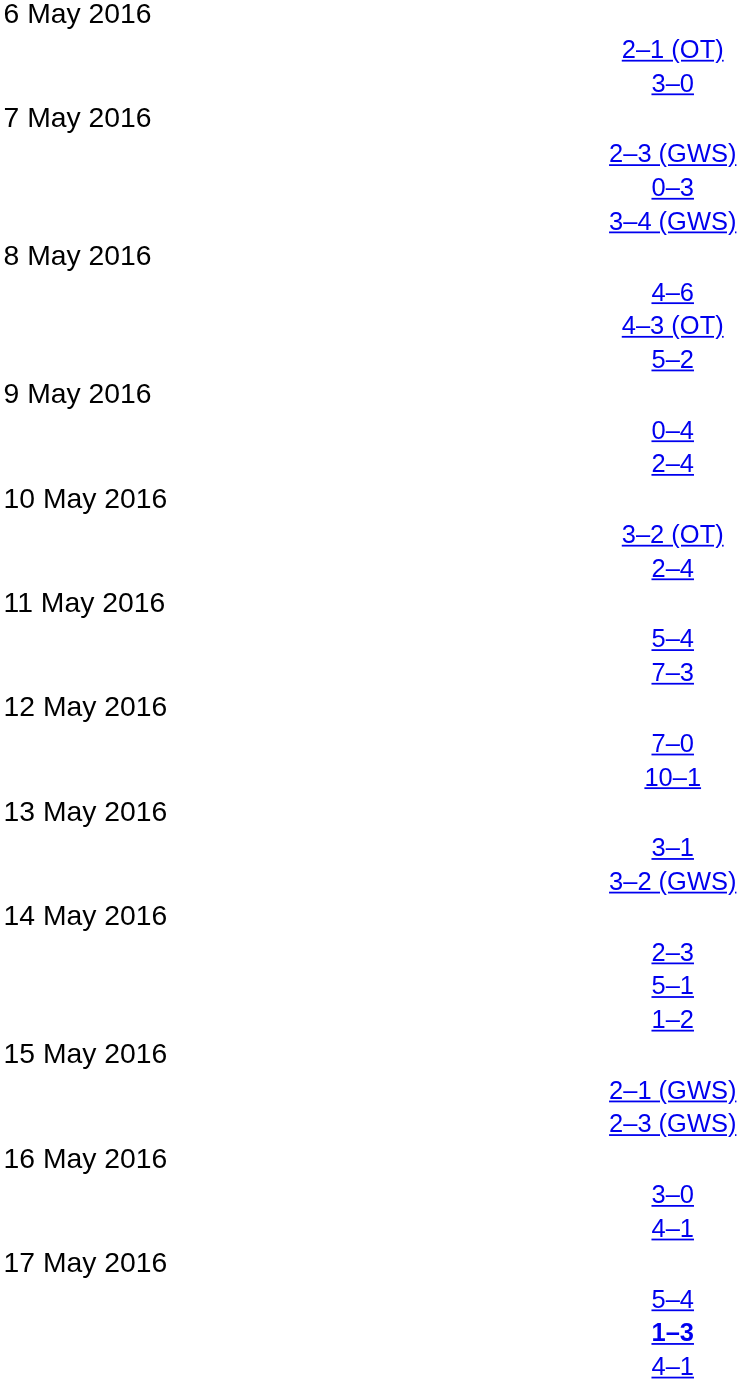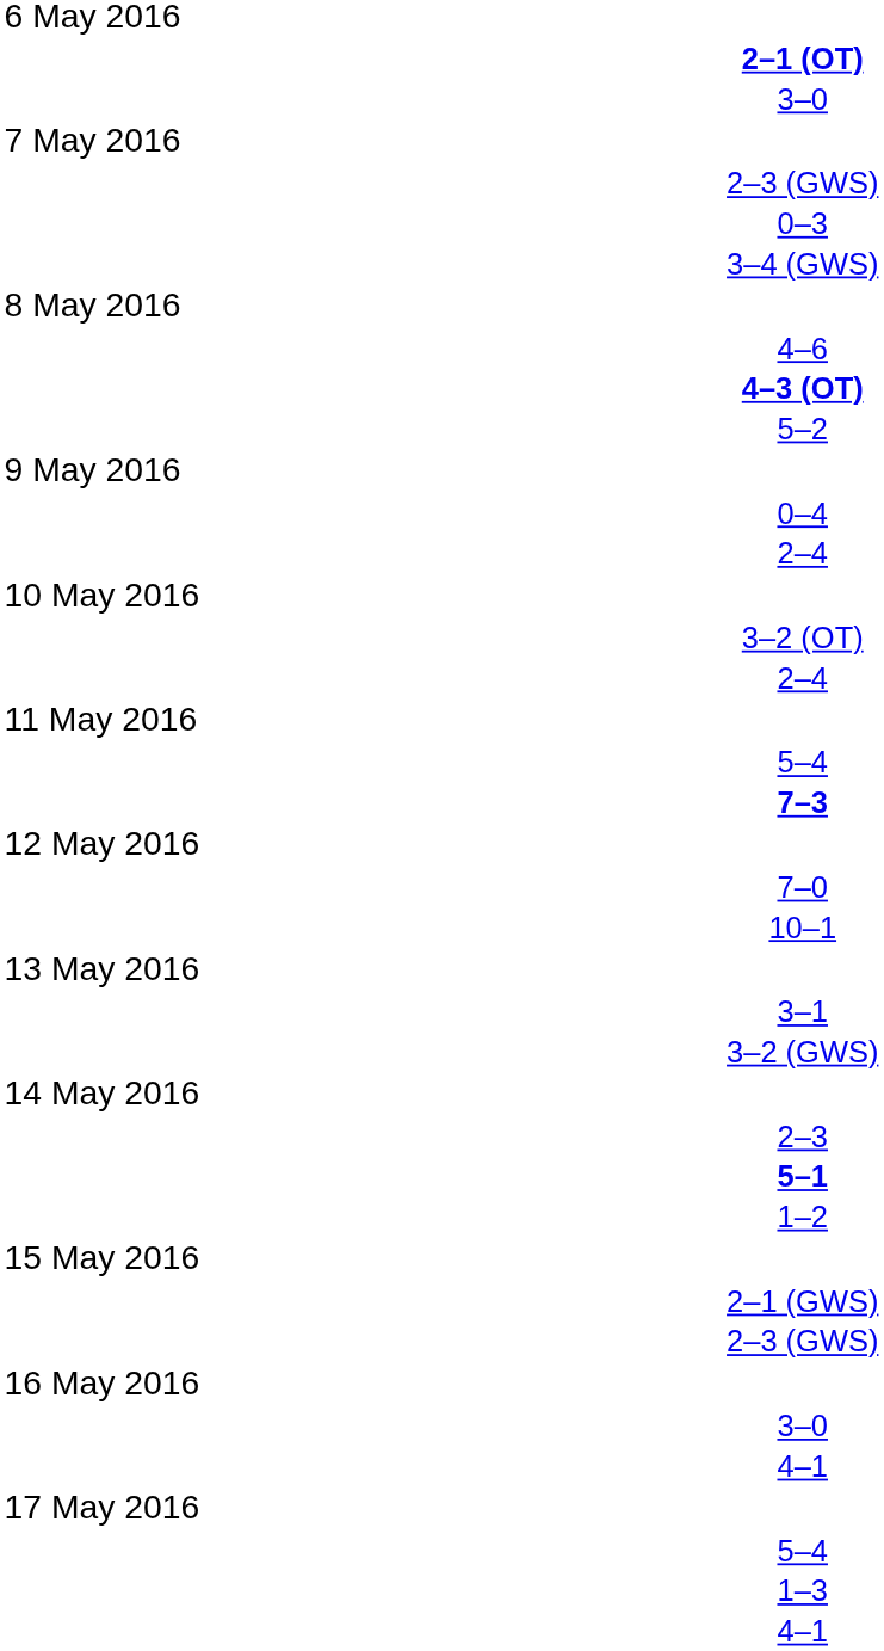 <table style="width:100%;" cellspacing="1">
 <tr>
 <th width=25%></th>
 <th width=2%></th>
 <th width=6%></th>
 <th width=2%></th>
 <th width=25%></th>
 </tr>
 <tr>
 <td>6 May 2016</td>
 </tr>
 <tr style=font-size:90%>
 <td align=right></td>
 <td></td>
-<td align=center><a href='#'>2–1 (OT)</a></td>
+<td align=center><strong><a href='#'>2–1 (OT)</a></strong></td>
 <td></td>
 <td></td>
 <td></td>
 </tr>
 <tr style=font-size:90%>
 <td align=right></td>
 <td></td>
 <td align=center><a href='#'>3–0</a></td>
 <td></td>
 <td></td>
 <td></td>
 </tr>
 <tr>
 <td>7 May 2016</td>
 </tr>
 <tr style=font-size:90%>
 <td align=right></td>
 <td></td>
 <td align=center><a href='#'>2–3 (GWS)</a></td>
 <td></td>
 <td></td>
 <td></td>
 </tr>
 <tr style=font-size:90%>
 <td align=right></td>
 <td></td>
 <td align=center><a href='#'>0–3</a></td>
 <td></td>
 <td></td>
 <td></td>
 </tr>
 <tr style=font-size:90%>
 <td align=right></td>
 <td></td>
 <td align=center><a href='#'>3–4 (GWS)</a></td>
 <td></td>
 <td></td>
 <td></td>
 </tr>
 <tr>
 <td>8 May 2016</td>
 </tr>
 <tr style=font-size:90%>
 <td align=right></td>
 <td></td>
 <td align=center><a href='#'>4–6</a></td>
 <td></td>
 <td></td>
 <td></td>
 </tr>
 <tr style=font-size:90%>
 <td align=right></td>
 <td></td>
-<td align=center><a href='#'>4–3 (OT)</a></td>
+<td align=center><strong><a href='#'>4–3 (OT)</a></strong></td>
 <td></td>
 <td></td>
 <td></td>
 </tr>
 <tr style=font-size:90%>
 <td align=right></td>
 <td></td>
 <td align=center><a href='#'>5–2</a></td>
 <td></td>
 <td></td>
 <td></td>
 </tr>
 <tr>
 <td>9 May 2016</td>
 </tr>
 <tr style=font-size:90%>
 <td align=right></td>
 <td></td>
 <td align=center><a href='#'>0–4</a></td>
 <td></td>
 <td></td>
 <td></td>
 </tr>
 <tr style=font-size:90%>
 <td align=right></td>
 <td></td>
 <td align=center><a href='#'>2–4</a></td>
 <td></td>
 <td></td>
 <td></td>
 </tr>
 <tr>
 <td>10 May 2016</td>
 </tr>
 <tr style=font-size:90%>
 <td align=right></td>
 <td></td>
 <td align=center><a href='#'>3–2 (OT)</a></td>
 <td></td>
 <td></td>
 <td></td>
 </tr>
 <tr style=font-size:90%>
 <td align=right></td>
 <td></td>
 <td align=center><a href='#'>2–4</a></td>
 <td></td>
 <td></td>
 <td></td>
 </tr>
 <tr>
 <td>11 May 2016</td>
 </tr>
 <tr style=font-size:90%>
 <td align=right></td>
 <td></td>
 <td align=center><a href='#'>5–4</a></td>
 <td></td>
 <td></td>
 <td></td>
 </tr>
 <tr style=font-size:90%>
 <td align=right></td>
 <td></td>
-<td align=center><a href='#'>7–3</a></td>
+<td align=center><strong><a href='#'>7–3</a></strong></td>
 <td></td>
 <td></td>
 <td></td>
 </tr>
 <tr>
 <td>12 May 2016</td>
 </tr>
 <tr style=font-size:90%>
 <td align=right></td>
 <td></td>
 <td align=center><a href='#'>7–0</a></td>
 <td></td>
 <td></td>
 <td></td>
 </tr>
 <tr style=font-size:90%>
 <td align=right></td>
 <td></td>
 <td align=center><a href='#'>10–1</a></td>
 <td></td>
 <td></td>
 <td></td>
 </tr>
 <tr>
 <td>13 May 2016</td>
 </tr>
 <tr style=font-size:90%>
 <td align=right></td>
 <td></td>
 <td align=center><a href='#'>3–1</a></td>
 <td></td>
 <td></td>
 <td></td>
 </tr>
 <tr style=font-size:90%>
 <td align=right></td>
 <td></td>
 <td align=center><a href='#'>3–2 (GWS)</a></td>
 <td></td>
 <td></td>
 <td></td>
 </tr>
 <tr>
 <td>14 May 2016</td>
 </tr>
 <tr style=font-size:90%>
 <td align=right></td>
 <td></td>
 <td align=center><a href='#'>2–3</a></td>
 <td></td>
 <td></td>
 <td></td>
 </tr>
 <tr style=font-size:90%>
 <td align=right></td>
 <td></td>
-<td align=center><a href='#'>5–1</a></td>
+<td align=center><strong><a href='#'>5–1</a></strong></td>
 <td></td>
 <td></td>
 <td></td>
 </tr>
 <tr style=font-size:90%>
 <td align=right></td>
 <td></td>
 <td align=center><a href='#'>1–2</a></td>
 <td></td>
 <td></td>
 <td></td>
 </tr>
 <tr>
 <td>15 May 2016</td>
 </tr>
 <tr style=font-size:90%>
 <td align=right></td>
 <td></td>
 <td align=center><a href='#'>2–1 (GWS)</a></td>
 <td></td>
 <td></td>
 <td></td>
 </tr>
 <tr style=font-size:90%>
 <td align=right></td>
 <td></td>
 <td align=center><a href='#'>2–3 (GWS)</a></td>
 <td></td>
 <td></td>
 <td></td>
 </tr>
 <tr>
 <td>16 May 2016</td>
 </tr>
 <tr style=font-size:90%>
 <td align=right></td>
 <td></td>
 <td align=center><a href='#'>3–0</a></td>
 <td></td>
 <td></td>
 <td></td>
 </tr>
 <tr style=font-size:90%>
 <td align=right></td>
 <td></td>
 <td align=center><a href='#'>4–1</a></td>
 <td></td>
 <td></td>
 <td></td>
 </tr>
 <tr>
 <td>17 May 2016</td>
 </tr>
 <tr style=font-size:90%>
 <td align=right></td>
 <td></td>
 <td align=center><a href='#'>5–4</a></td>
 <td></td>
 <td></td>
 <td></td>
 </tr>
 <tr style=font-size:90%>
 <td align=right></td>
 <td></td>
-<td align=center><strong><a href='#'>1–3</a></strong></td>
+<td align=center><a href='#'>1–3</a></td>
 <td></td>
 <td></td>
 <td></td>
 </tr>
 <tr style=font-size:90%>
 <td align=right></td>
 <td></td>
 <td align=center><a href='#'>4–1</a></td>
 <td></td>
 <td></td>
 <td></td>
 </tr>
 </table>
